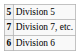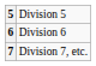 <table class="wikitable" style="font-size:85%">
 <tr>
 <th scope="row">5</th>
 <td>Division 5</td>
 </tr>
 <tr>
+<th scope="row">6</th>
+<td>Division 6</td>
+</tr>
+<tr>
 <th scope="row">7</th>
 <td>Division 7, etc.</td>
 </tr>
-<tr>
-<th scope="row">6</th>
-<td>Division 6</td>
-</tr>
 </table>
